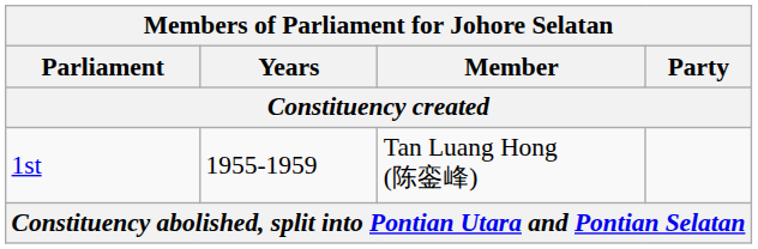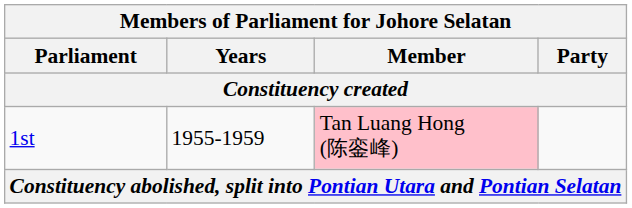 <table class="wikitable">
 <tr>
 <th colspan="4">Members of Parliament for Johore Selatan</th>
 </tr>
 <tr>
 <th>Parliament</th>
 <th>Years</th>
 <th>Member</th>
 <th>Party</th>
 </tr>
 <tr>
 <th colspan="4"><em>Constituency created</em></th>
 </tr>
 <tr>
 <td><a href='#'>1st</a></td>
 <td>1955-1959</td>
-<td>Tan Luang Hong <br> (陈銮峰)</td>
+<td style="background: pink;">Tan Luang Hong <br> (陈銮峰)</td>
 <td></td>
 </tr>
 <tr>
 <th colspan="4"><em>Constituency abolished, split into <a href='#'>Pontian Utara</a> and <a href='#'>Pontian Selatan</a></em></th>
 </tr>
 </table>
